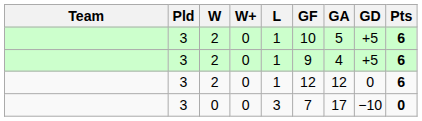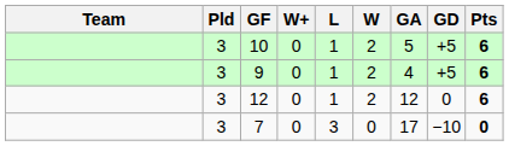 <table class="wikitable" style="text-align: center; font-size:90% ">
 <tr>
 <th width=160>Team</th>
 <th width=25>Pld</th>
-<th width=25>W</th>
+<th width=25>GF</th>
 <th width=25>W+</th>
 <th width=25>L</th>
-<th width=25>GF</th>
+<th width=25>W</th>
 <th width=25>GA</th>
 <th width=25>GD</th>
 <th width=25>Pts</th>
 </tr>
 <tr bgcolor="ccffcc">
 <td align=left></td>
 <td>3</td>
-<td>2</td>
+<td>10</td>
 <td>0</td>
 <td>1</td>
-<td>10</td>
+<td>2</td>
 <td>5</td>
 <td>+5</td>
 <td><strong>6</strong></td>
 </tr>
 <tr bgcolor="ccffcc">
 <td align=left></td>
 <td>3</td>
-<td>2</td>
+<td>9</td>
 <td>0</td>
 <td>1</td>
-<td>9</td>
+<td>2</td>
 <td>4</td>
 <td>+5</td>
 <td><strong>6</strong></td>
 </tr>
 <tr>
 <td align=left></td>
 <td>3</td>
-<td>2</td>
+<td>12</td>
 <td>0</td>
 <td>1</td>
-<td>12</td>
+<td>2</td>
 <td>12</td>
 <td>0</td>
 <td><strong>6</strong></td>
 </tr>
 <tr>
 <td align=left></td>
 <td>3</td>
-<td>0</td>
+<td>7</td>
 <td>0</td>
 <td>3</td>
-<td>7</td>
+<td>0</td>
 <td>17</td>
 <td>−10</td>
 <td><strong>0</strong></td>
 </tr>
 </table>
